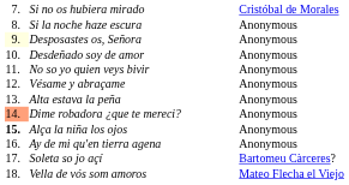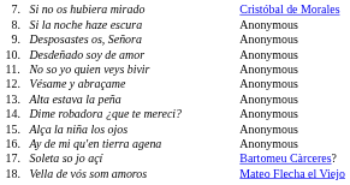 <table cellpadding="1" cellspacing="0">
 <tr>
 <td width=30 align=left>  7.</td>
 <td width=280 align=left><em>Si no os hubiera mirado</em></td>
 <td width=300 align=left><a href='#'>Cristóbal de Morales</a></td>
 </tr>
 <tr>
 <td>  8.</td>
 <td><em>Si la noche haze escura</em></td>
 <td>Anonymous</td>
 </tr>
 <tr>
-<td style="background: lightyellow;">  9.</td>
+<td>  9.</td>
 <td><em>Desposastes os, Señora</em></td>
 <td>Anonymous</td>
 </tr>
 <tr>
 <td>10.</td>
 <td><em>Desdeñado soy de amor</em></td>
 <td>Anonymous</td>
 </tr>
 <tr>
 <td>11.</td>
 <td><em>No so yo quien veys bivir</em></td>
 <td>Anonymous</td>
 </tr>
 <tr>
 <td>12.</td>
 <td><em>Vésame y abraçame</em></td>
 <td>Anonymous</td>
 </tr>
 <tr>
 <td>13.</td>
 <td><em>Alta estava la peña</em></td>
 <td>Anonymous</td>
 </tr>
 <tr>
-<td style="background: lightsalmon;">14.</td>
+<td>14.</td>
 <td><em>Dime robadora ¿que te mereci?</em></td>
 <td>Anonymous</td>
 </tr>
 <tr>
-<td><strong>15.</strong></td>
+<td>15.</td>
 <td><em>Alça la niña los ojos</em></td>
 <td>Anonymous</td>
 </tr>
 <tr>
 <td>16.</td>
 <td><em>Ay de mi qu'en tierra agena</em></td>
 <td>Anonymous</td>
 </tr>
 <tr>
 <td>17.</td>
 <td><em>Soleta so jo açí</em></td>
 <td><a href='#'>Bartomeu Càrceres</a>?</td>
 </tr>
 <tr>
 <td>18.</td>
 <td><em>Vella de vós som amoros</em></td>
 <td><a href='#'>Mateo Flecha el Viejo</a></td>
 </tr>
 </table>
